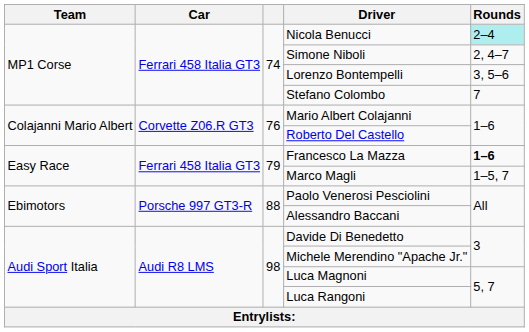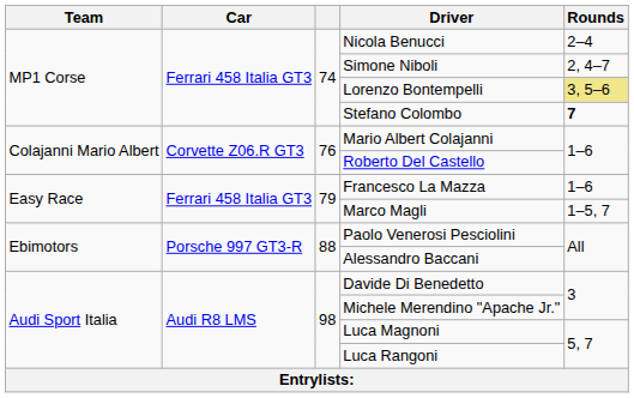 <table class="wikitable" style="font-size: 85%;">
 <tr>
 <th>Team</th>
 <th>Car</th>
 <th></th>
 <th>Driver</th>
 <th>Rounds</th>
 </tr>
 <tr>
 <td rowspan=4> MP1 Corse</td>
 <td rowspan=4><a href='#'>Ferrari 458 Italia GT3</a></td>
 <td rowspan=4 align=center>74</td>
 <td> Nicola Benucci</td>
-<td style="background: paleturquoise;">2–4</td>
+<td>2–4</td>
 </tr>
 <tr>
 <td> Simone Niboli</td>
 <td>2, 4–7</td>
 </tr>
 <tr>
 <td> Lorenzo Bontempelli</td>
-<td>3, 5–6</td>
+<td style="background: khaki;">3, 5–6</td>
 </tr>
 <tr>
 <td> Stefano Colombo</td>
-<td>7</td>
+<td><strong>7</strong></td>
 </tr>
 <tr>
 <td rowspan=2> Colajanni Mario Albert</td>
 <td rowspan=2><a href='#'>Corvette Z06.R GT3</a></td>
 <td rowspan=2 align=center>76</td>
 <td> Mario Albert Colajanni</td>
 <td rowspan=2>1–6</td>
 </tr>
 <tr>
 <td> <a href='#'>Roberto Del Castello</a></td>
 </tr>
 <tr>
 <td rowspan=2> Easy Race</td>
 <td rowspan=2><a href='#'>Ferrari 458 Italia GT3</a></td>
 <td rowspan=2 align=center>79</td>
 <td> Francesco La Mazza</td>
-<td><strong>1–6</strong></td>
+<td>1–6</td>
 </tr>
 <tr>
 <td> Marco Magli</td>
 <td>1–5, 7</td>
 </tr>
 <tr>
 <td rowspan=2> Ebimotors</td>
 <td rowspan=2><a href='#'>Porsche 997 GT3-R</a></td>
 <td rowspan=2 align=center>88</td>
 <td> Paolo Venerosi Pesciolini</td>
 <td rowspan=2>All</td>
 </tr>
 <tr>
 <td> Alessandro Baccani</td>
 </tr>
 <tr>
 <td rowspan=4> <a href='#'>Audi Sport</a> Italia</td>
 <td rowspan=4><a href='#'>Audi R8 LMS</a></td>
 <td rowspan=4 align=center>98</td>
 <td> Davide Di Benedetto</td>
 <td rowspan=2>3</td>
 </tr>
 <tr>
 <td> Michele Merendino "Apache Jr."</td>
 </tr>
 <tr>
 <td> Luca Magnoni</td>
 <td rowspan=2>5, 7</td>
 </tr>
 <tr>
 <td> Luca Rangoni</td>
 </tr>
 <tr>
 <th colspan=5>Entrylists: </th>
 </tr>
 </table>
